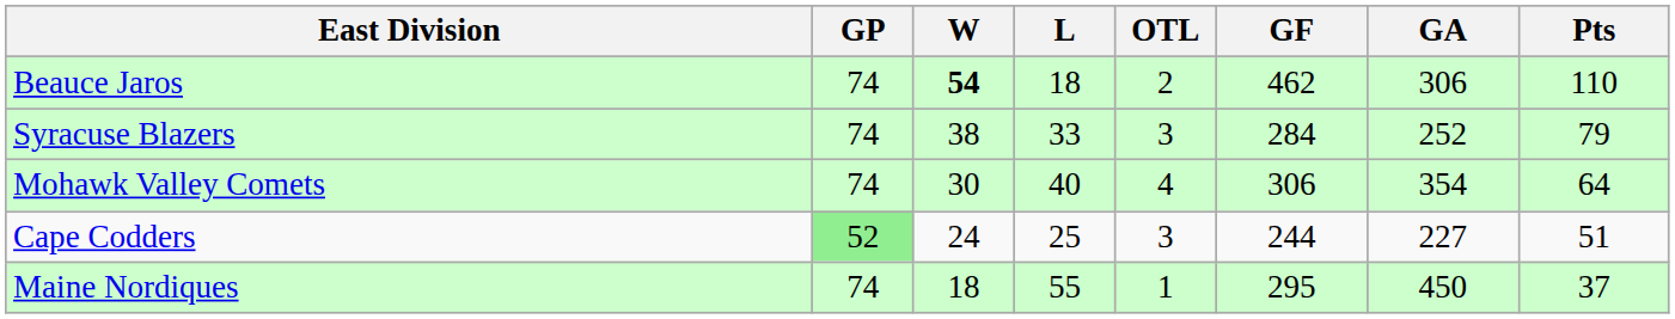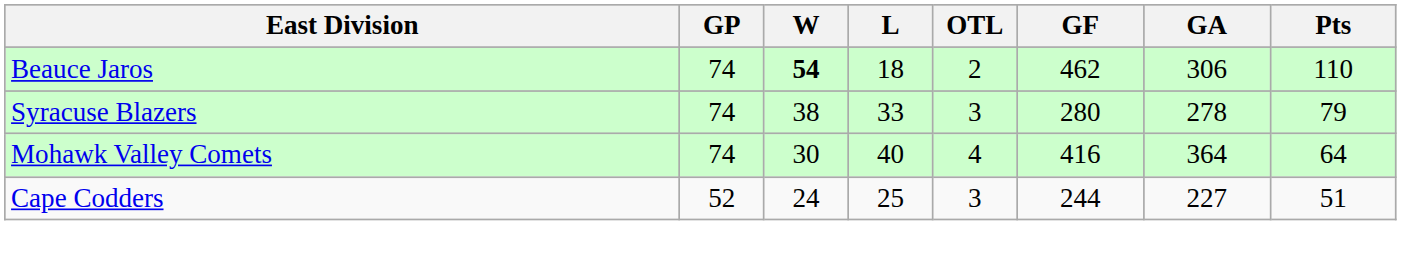 <table class="wikitable">
 <tr>
 <th width="40%" bgcolor="#e0e0e0">East Division</th>
 <th width="5%" bgcolor="#e0e0e0">GP</th>
 <th width="5%" bgcolor="#e0e0e0">W</th>
 <th width="5%" bgcolor="#e0e0e0">L</th>
 <th width="5%" bgcolor="#e0e0e0">OTL</th>
 <th width="7.5%" bgcolor="#e0e0e0">GF</th>
 <th width="7.5%" bgcolor="#e0e0e0">GA</th>
 <th width="7.5%" bgcolor="#e0e0e0">Pts</th>
 </tr>
 <tr align="center" bgcolor="#CCFFCC">
 <td align="left"><a href='#'>Beauce Jaros</a></td>
 <td>74</td>
 <td><strong>54</strong></td>
 <td>18</td>
 <td>2</td>
 <td>462</td>
 <td>306</td>
 <td>110</td>
 </tr>
 <tr align="center" bgcolor="#CCFFCC">
 <td align="left"><a href='#'>Syracuse Blazers</a></td>
 <td>74</td>
 <td>38</td>
 <td>33</td>
 <td>3</td>
-<td>284</td>
-<td>252</td>
+<td>280</td>
+<td>278</td>
 <td>79</td>
 </tr>
 <tr align="center" bgcolor="#CCFFCC">
 <td align="left"><a href='#'>Mohawk Valley Comets</a></td>
 <td>74</td>
 <td>30</td>
 <td>40</td>
 <td>4</td>
-<td>306</td>
-<td>354</td>
+<td>416</td>
+<td>364</td>
 <td>64</td>
 </tr>
 <tr align="center">
 <td align="left"><a href='#'>Cape Codders</a></td>
-<td style="background: lightgreen;">52</td>
+<td>52</td>
 <td>24</td>
 <td>25</td>
 <td>3</td>
 <td>244</td>
 <td>227</td>
 <td>51</td>
 </tr>
-<tr align="center" bgcolor="#CCFFCC">
-<td align="left"><a href='#'>Maine Nordiques</a></td>
-<td>74</td>
-<td>18</td>
-<td>55</td>
-<td>1</td>
-<td>295</td>
-<td>450</td>
-<td>37</td>
-</tr>
 </table>
